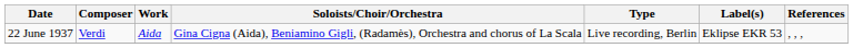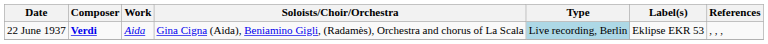 <table class="wikitable">
 <tr>
 <th>Date</th>
 <th>Composer</th>
 <th>Work</th>
 <th>Soloists/Choir/Orchestra</th>
 <th>Type</th>
 <th>Label(s)</th>
 <th>References</th>
 </tr>
 <tr>
 <td>22 June 1937</td>
-<td><a href='#'>Verdi</a></td>
+<td><strong><a href='#'>Verdi</a></strong></td>
 <td><em><a href='#'>Aida</a></em></td>
 <td><a href='#'>Gina Cigna</a> (Aida), <a href='#'>Beniamino Gigli</a>, (Radamès), Orchestra and chorus of La Scala</td>
-<td>Live recording, Berlin</td>
+<td style="background: lightblue;">Live recording, Berlin</td>
 <td>Eklipse EKR 53</td>
 <td>, , , </td>
 </tr>
 <tr>
 </tr>
 </table>
